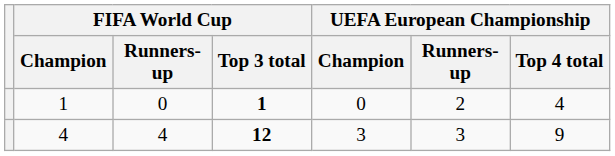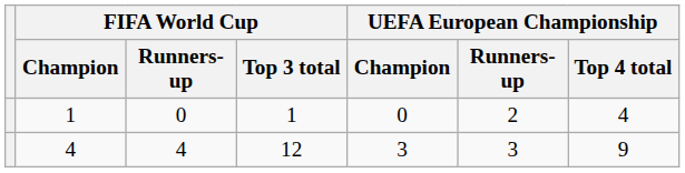 <table class="wikitable" style="font-size:93%; text-align:center; width:;">
 <tr>
 <th rowspan=2 style="width:;"></th>
 <th colspan=3>FIFA World Cup</th>
 <th colspan=3>UEFA European Championship</th>
 </tr>
 <tr ! width= 150px|>
 <th width= 70px>Champion</th>
 <th width= 70px>Runners-up</th>
 <th width= 70px>Top 3 total</th>
 <th width= 70px>Champion</th>
 <th width= 70px>Runners-up</th>
 <th width= 70px>Top 4 total</th>
 </tr>
 <tr>
 <th></th>
 <td>1</td>
 <td>0</td>
-<td><strong>1</strong></td>
+<td>1</td>
 <td>0</td>
 <td>2</td>
 <td>4</td>
 </tr>
 <tr>
 <th></th>
 <td>4</td>
 <td>4</td>
-<td><strong>12</strong></td>
+<td>12</td>
 <td>3</td>
 <td>3</td>
 <td>9</td>
 </tr>
 </table>
